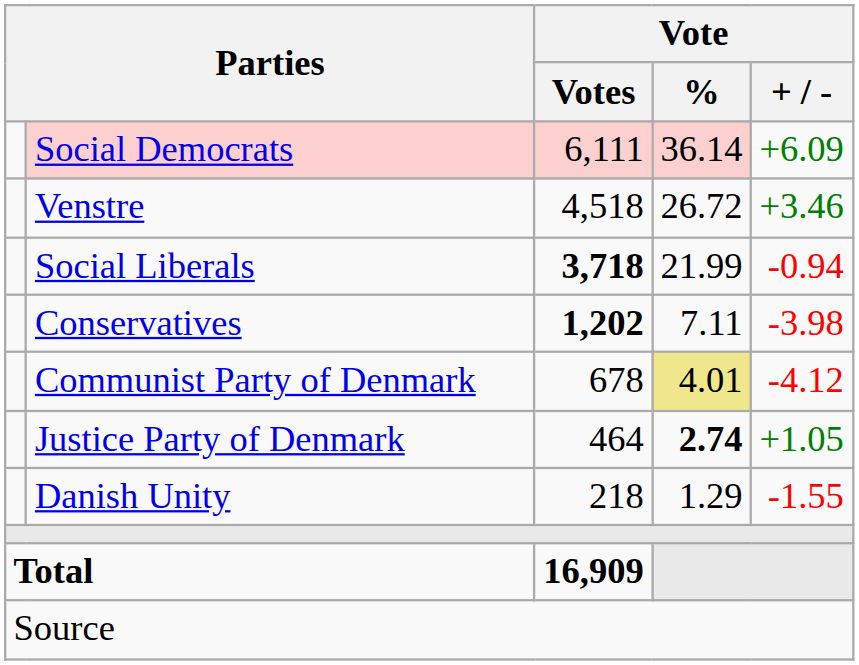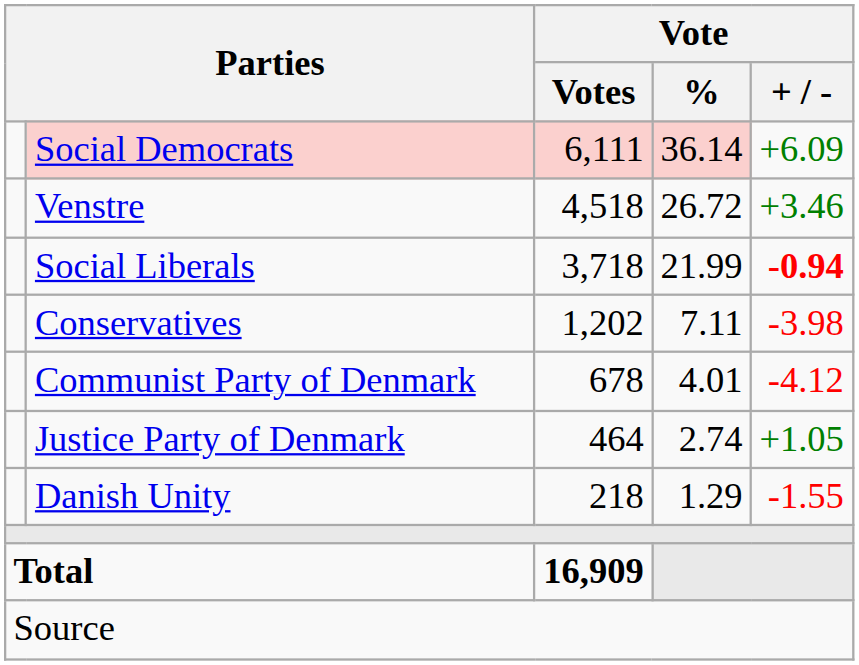 <table class="wikitable" style="text-align:right;">
 <tr>
 <th style="text-align:centre;" rowspan="2" colspan="2" width="225">Parties</th>
 <th colspan="3">Vote</th>
 </tr>
 <tr>
 <th width="15">Votes</th>
 <th width="15">%</th>
 <th width="15">+ / -</th>
 </tr>
 <tr>
 <td width="2" style="color:inherit;background:"></td>
 <td bgcolor=#fbd0ce  align="left"><a href='#'>Social Democrats</a></td>
 <td bgcolor=#fbd0ce>6,111</td>
 <td bgcolor=#fbd0ce>36.14</td>
 <td style=color:green;>+6.09</td>
 </tr>
 <tr>
 <td width="2" style="color:inherit;background:"></td>
 <td align="left"><a href='#'>Venstre</a></td>
 <td>4,518</td>
 <td>26.72</td>
 <td style=color:green;>+3.46</td>
 </tr>
 <tr>
 <td width="2" style="color:inherit;background:"></td>
 <td align="left"><a href='#'>Social Liberals</a></td>
-<td><strong>3,718</strong></td>
+<td>3,718</td>
 <td>21.99</td>
-<td style=color:red;>-0.94</td>
+<td style=color:red;><strong>-0.94</strong></td>
 </tr>
 <tr>
 <td width="2" style="color:inherit;background:"></td>
 <td align="left"><a href='#'>Conservatives</a></td>
-<td><strong>1,202</strong></td>
+<td>1,202</td>
 <td>7.11</td>
 <td style=color:red;>-3.98</td>
 </tr>
 <tr>
 <td width="2" style="color:inherit;background:"></td>
 <td align="left"><a href='#'>Communist Party of Denmark</a></td>
 <td>678</td>
-<td style="background: khaki;">4.01</td>
+<td>4.01</td>
 <td style=color:red;>-4.12</td>
 </tr>
 <tr>
 <td width="2" style="color:inherit;background:"></td>
 <td align="left"><a href='#'>Justice Party of Denmark</a></td>
 <td>464</td>
-<td><strong>2.74</strong></td>
+<td>2.74</td>
 <td style=color:green;>+1.05</td>
 </tr>
 <tr>
 <td width="2" style="color:inherit;background:"></td>
 <td align="left"><a href='#'>Danish Unity</a></td>
 <td>218</td>
 <td>1.29</td>
 <td style=color:red;>-1.55</td>
 </tr>
 <tr>
 <td colspan="7" bgcolor="#E9E9E9"></td>
 </tr>
 <tr>
 <td align="left" colspan="2"><strong>Total</strong></td>
 <td><strong>16,909</strong></td>
 <td bgcolor="#E9E9E9" colspan="2"></td>
 </tr>
 <tr>
 <td align="left" colspan="6">Source</td>
 </tr>
 </table>
